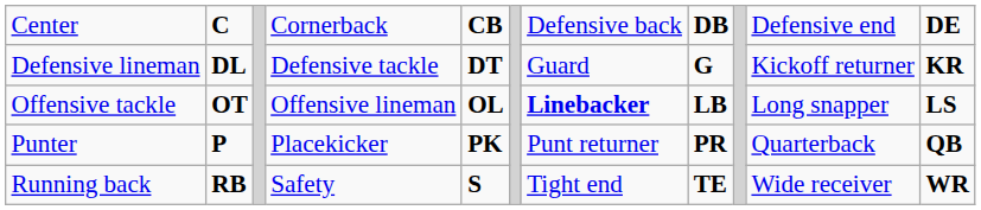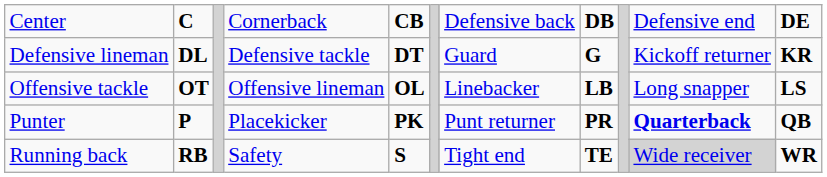 <table class="wikitable">
 <tr>
 <td><a href='#'>Center</a></td>
 <td><strong>C</strong></td>
 <td rowSpan="6" style="background-color:lightgrey;"></td>
 <td><a href='#'>Cornerback</a></td>
 <td><strong>CB</strong></td>
 <td rowSpan="6" style="background-color:lightgrey;"></td>
 <td><a href='#'>Defensive back</a></td>
 <td><strong>DB</strong></td>
 <td rowSpan="6" style="background-color:lightgrey;"></td>
 <td><a href='#'>Defensive end</a></td>
 <td><strong>DE</strong></td>
 </tr>
 <tr>
 <td><a href='#'>Defensive lineman</a></td>
 <td><strong>DL</strong></td>
 <td><a href='#'>Defensive tackle</a></td>
 <td><strong>DT</strong></td>
 <td><a href='#'>Guard</a></td>
 <td><strong>G</strong></td>
 <td><a href='#'>Kickoff returner</a></td>
 <td><strong>KR</strong></td>
 </tr>
 <tr>
 <td><a href='#'>Offensive tackle</a></td>
 <td><strong>OT</strong></td>
 <td><a href='#'>Offensive lineman</a></td>
 <td><strong>OL</strong></td>
-<td><strong><a href='#'>Linebacker</a></strong></td>
+<td><a href='#'>Linebacker</a></td>
 <td><strong>LB</strong></td>
 <td><a href='#'>Long snapper</a></td>
 <td><strong>LS</strong></td>
 </tr>
 <tr>
 <td><a href='#'>Punter</a></td>
 <td><strong>P</strong></td>
 <td><a href='#'>Placekicker</a></td>
 <td><strong>PK</strong></td>
 <td><a href='#'>Punt returner</a></td>
 <td><strong>PR</strong></td>
-<td><a href='#'>Quarterback</a></td>
+<td><strong><a href='#'>Quarterback</a></strong></td>
 <td><strong>QB</strong></td>
 </tr>
 <tr>
 <td><a href='#'>Running back</a></td>
 <td><strong>RB</strong></td>
 <td><a href='#'>Safety</a></td>
 <td><strong>S</strong></td>
 <td><a href='#'>Tight end</a></td>
 <td><strong>TE</strong></td>
-<td><a href='#'>Wide receiver</a></td>
+<td style="background: lightgrey;"><a href='#'>Wide receiver</a></td>
 <td><strong>WR</strong></td>
 </tr>
 </table>
